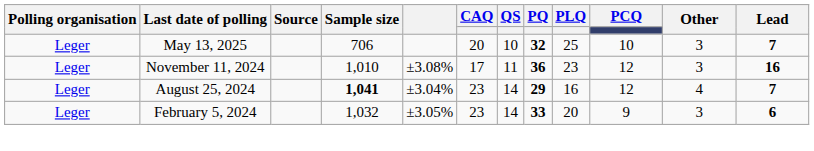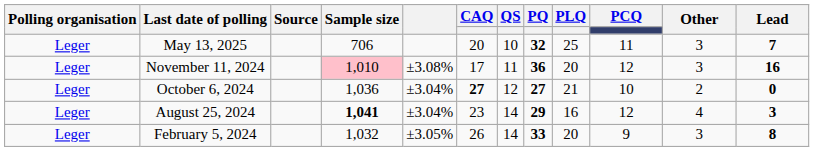 <table class="wikitable sortable mw-datatable" style="text-align:center;font-size:85%;line-height:14px">
 <tr>
 <th rowspan="2">Polling organisation</th>
 <th rowspan="2">Last date of polling</th>
 <th rowspan="2">Source</th>
 <th rowspan="2">Sample size</th>
 <th rowspan="2"></th>
 <th><a href='#'>CAQ</a></th>
 <th><a href='#'>QS</a></th>
 <th><a href='#'>PQ</a></th>
 <th><a href='#'>PLQ</a></th>
 <th><a href='#'>PCQ</a></th>
 <th style="width:60px;" rowspan="2">Other</th>
 <th style="width:60px;" rowspan="2">Lead</th>
 </tr>
 <tr class="sorttop">
 <th style="background-color:"></th>
 <th style="background-color:"></th>
 <th style="background-color:"></th>
 <th style="background-color:"></th>
 <th style="background-color:#313E6B; width:60px;"></th>
 </tr>
 <tr>
 <td><a href='#'>Leger</a></td>
 <td>May 13, 2025</td>
 <td></td>
 <td>706</td>
 <td></td>
 <td>20</td>
 <td>10</td>
 <td style="background-color:"><strong>32</strong></td>
 <td>25</td>
-<td>10</td>
+<td>11</td>
 <td>3</td>
 <td style="background-color:"><strong>7</strong></td>
 </tr>
 <tr>
 <td><a href='#'>Leger</a></td>
 <td>November 11, 2024</td>
 <td></td>
-<td>1,010</td>
+<td style="background: pink;">1,010</td>
 <td>±3.08%</td>
 <td>17</td>
 <td>11</td>
 <td style="background-color:"><strong>36</strong></td>
-<td>23</td>
+<td>20</td>
 <td>12</td>
 <td>3</td>
 <td style="background-color:"><strong>16</strong></td>
+</tr>
+<tr>
+<td><a href='#'>Leger</a></td>
+<td>October 6, 2024</td>
+<td></td>
+<td>1,036</td>
+<td>±3.04%</td>
+<td style="background-color:"><strong>27</strong></td>
+<td>12</td>
+<td style="background-color:"><strong>27</strong></td>
+<td>21</td>
+<td>10</td>
+<td>2</td>
+<td><strong>0</strong></td>
 </tr>
 <tr>
 <td><a href='#'>Leger</a></td>
 <td>August 25, 2024</td>
 <td></td>
 <td><strong>1,041</strong></td>
 <td>±3.04%</td>
 <td>23</td>
 <td>14</td>
 <td style="background-color:"><strong>29</strong></td>
 <td>16</td>
 <td>12</td>
 <td>4</td>
-<td style="background-color:"><strong>7</strong></td>
+<td style="background-color:"><strong>3</strong></td>
 </tr>
 <tr>
 <td><a href='#'>Leger</a></td>
 <td>February 5, 2024</td>
 <td></td>
 <td>1,032</td>
 <td>±3.05%</td>
-<td>23</td>
+<td>26</td>
 <td>14</td>
 <td style="background-color:"><strong>33</strong></td>
 <td>20</td>
 <td>9</td>
 <td>3</td>
-<td style="background-color:"><strong>6</strong></td>
+<td style="background-color:"><strong>8</strong></td>
 </tr>
 </table>
